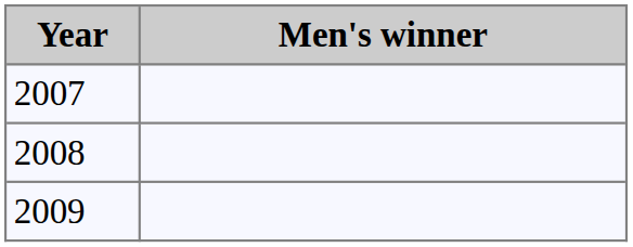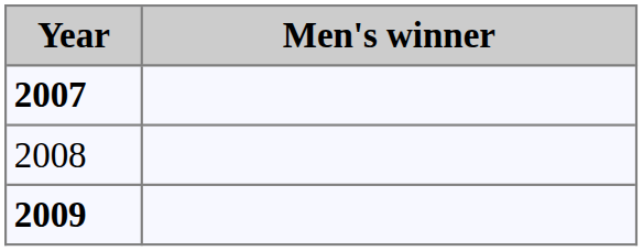 <table bgcolor="#f7f8ff" cellpadding="3" cellspacing="0" border="1" style="font-size: 95%; border: gray solid 1px; border-collapse: collapse;">
 <tr bgcolor="#CCCCCC">
 <td align="center" width="50"><strong>Year</strong></td>
 <td align="center" width="200"><strong>Men's winner</strong></td>
 </tr>
 <tr align="left">
-<td>2007</td>
+<td><strong>2007</strong></td>
 <td></td>
 </tr>
 <tr>
 <td>2008</td>
 <td></td>
 </tr>
 <tr>
-<td>2009</td>
+<td><strong>2009</strong></td>
 <td></td>
 </tr>
 </table>
